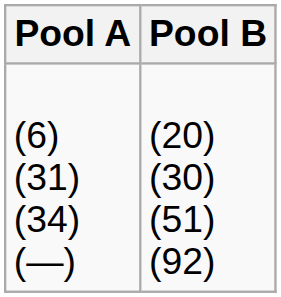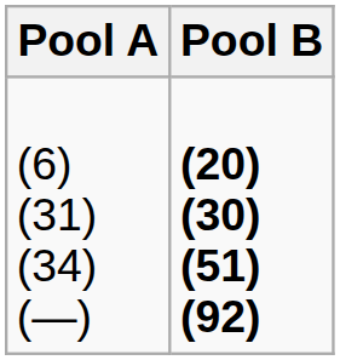 <table class="wikitable">
 <tr>
 <th width=50%>Pool A</th>
 <th width=50%>Pool B</th>
 </tr>
 <tr>
 <td><br> (6)<br>  (31)<br>  (34)<br>  (—)</td>
-<td><br> (20)<br>  (30)<br>  (51)<br>  (92)</td>
+<td><strong><br> (20)<br>  (30)<br>  (51)<br>  (92)</strong></td>
 </tr>
 </table>
